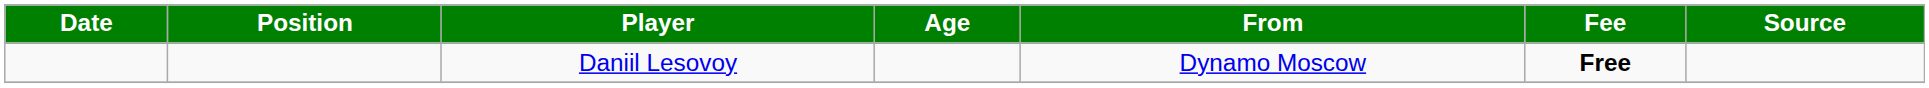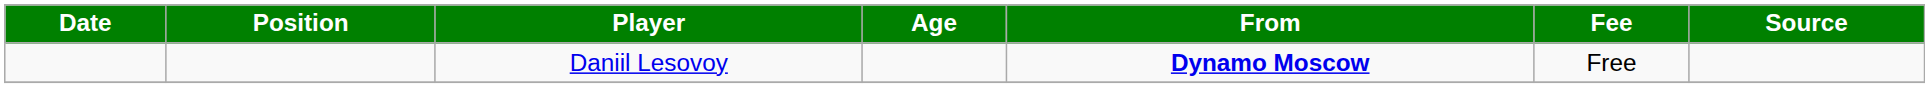 <table class="wikitable sortable" style="text-align:center; width:100%;">
 <tr>
 <th scope="col" style="background:#008000; color:white;">Date</th>
 <th scope="col" style="background:#008000; color:white;">Position</th>
 <th scope="col" style="background:#008000; color:white;">Player</th>
 <th scope="col" style="background:#008000; color:white;">Age</th>
 <th scope="col" style="background:#008000; color:white;">From</th>
 <th scope="col" style="background:#008000; color:white;" data-sort-type="currency">Fee</th>
 <th scope="col" style="background:#008000; color:white;" class="unsortable">Source</th>
 </tr>
 <tr>
 <td></td>
 <td></td>
 <td> <a href='#'>Daniil Lesovoy</a></td>
 <td></td>
-<td> <a href='#'>Dynamo Moscow</a></td>
-<td><strong>Free</strong></td>
+<td><strong> <a href='#'>Dynamo Moscow</a></strong></td>
+<td>Free</td>
 <td></td>
 </tr>
 <tr>
 </tr>
 </table>
